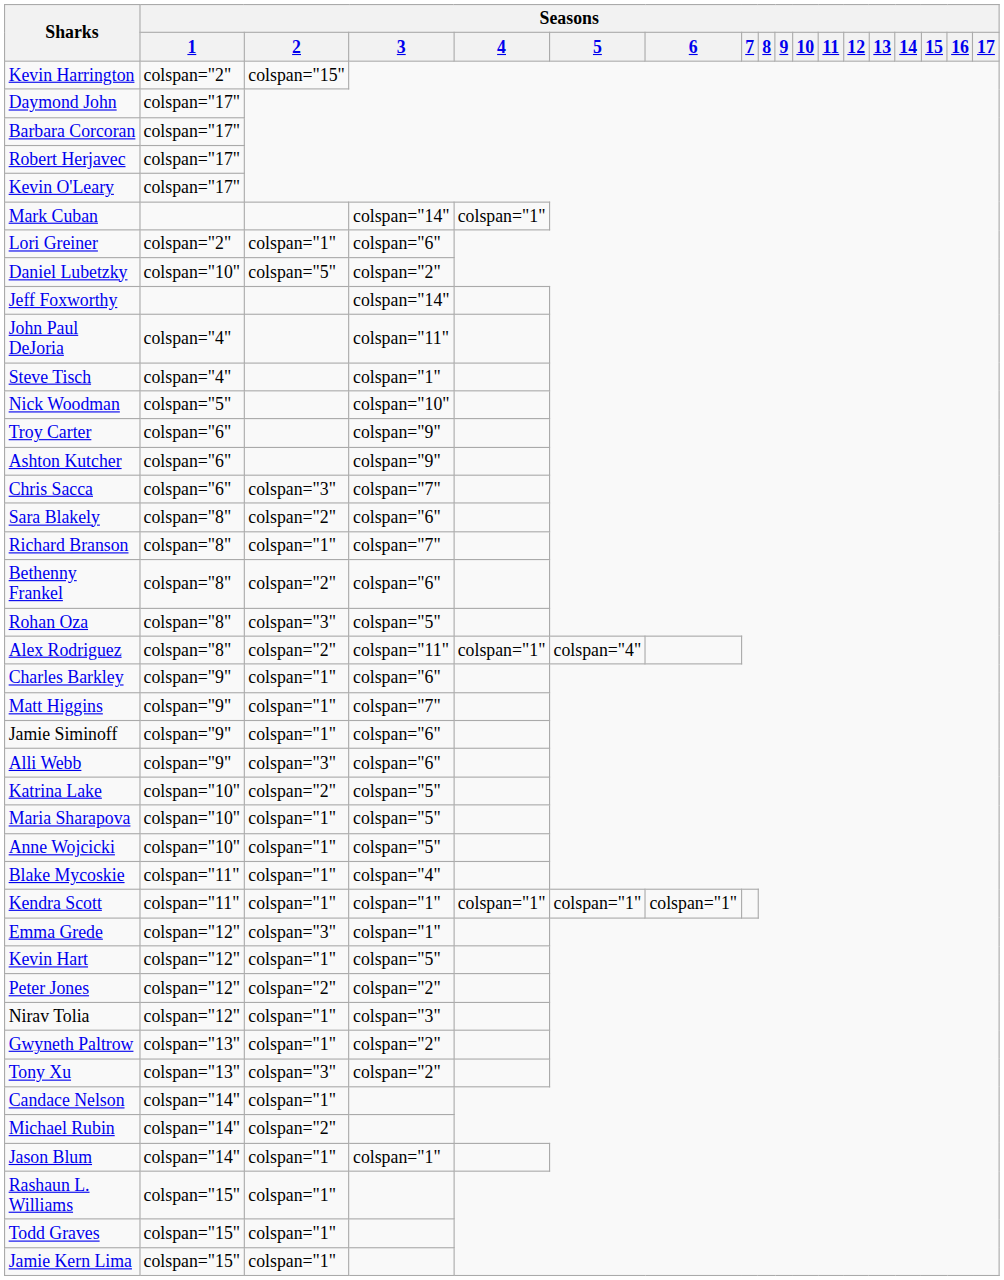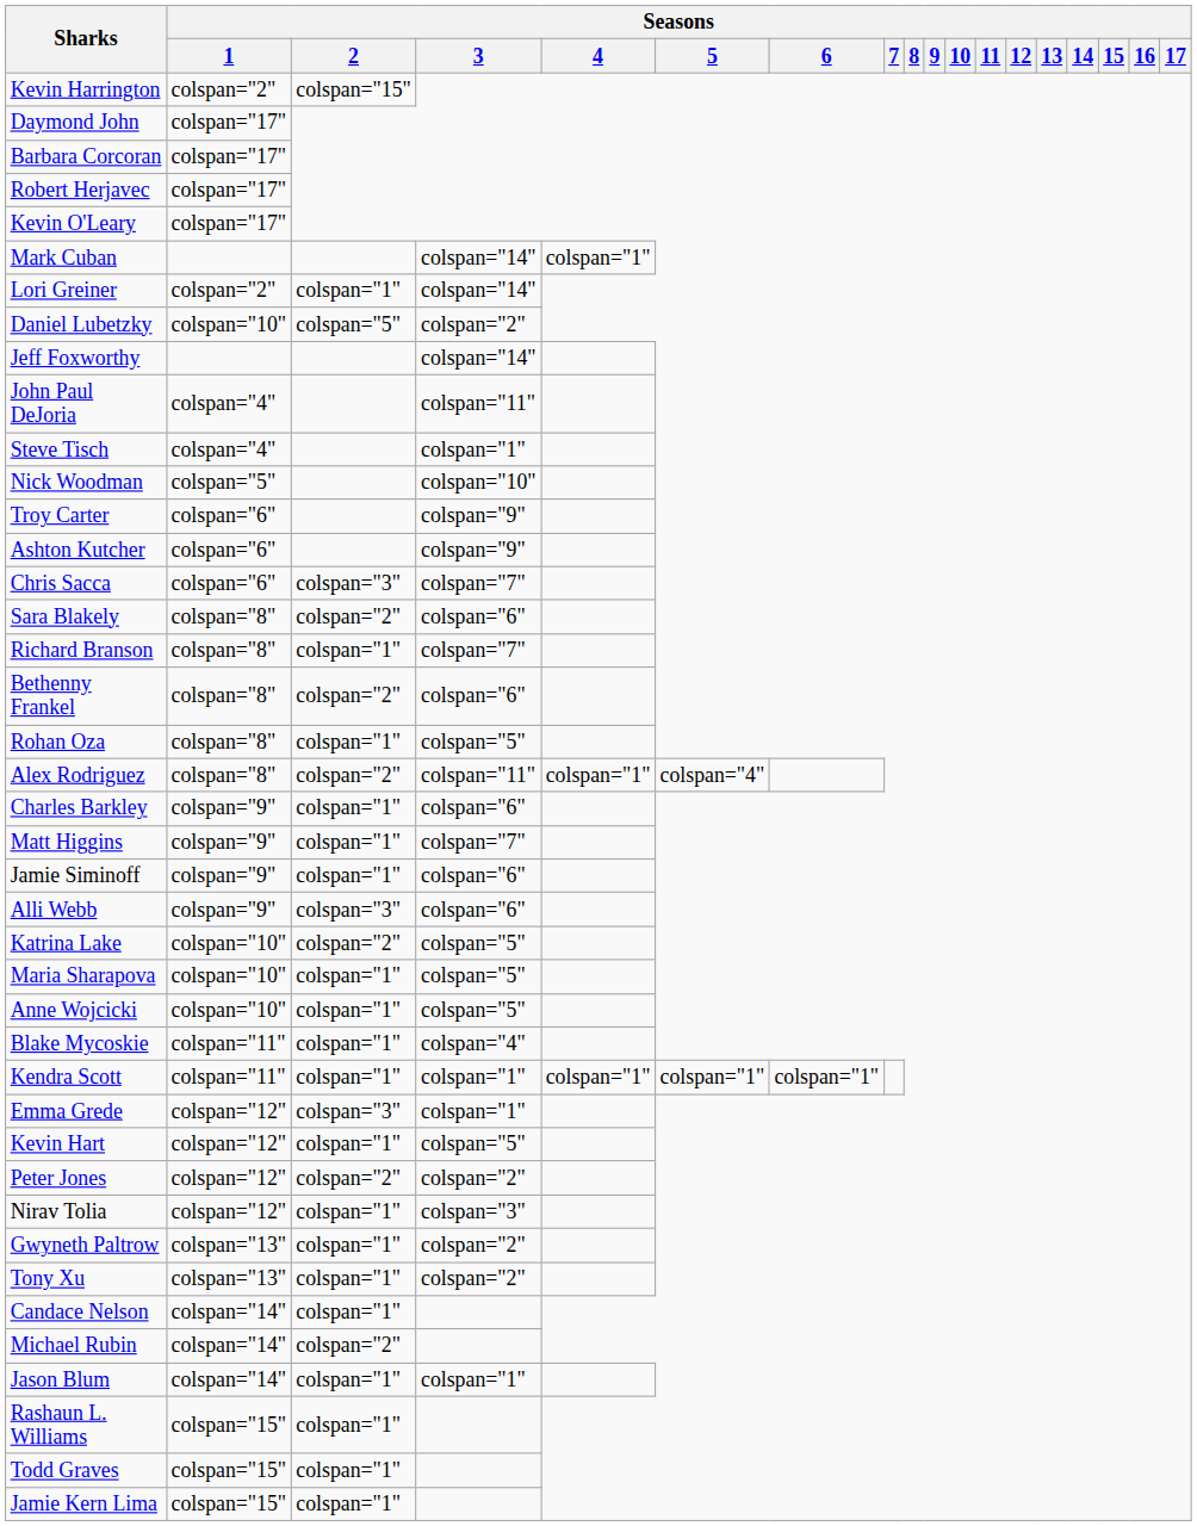 <table class="wikitable plainrowheaders" style="width:auto;">
 <tr>
 <th rowspan="2" scope="col" style="width:17%;">Sharks</th>
 <th colspan="17" scope="col">Seasons</th>
 </tr>
 <tr>
 <th scope="col" style="width:6%;"><a href='#'>1</a></th>
 <th scope="col" style="width:6%;"><a href='#'>2</a></th>
 <th scope="col" style="width:6%;"><a href='#'>3</a></th>
 <th scope="col" style="width:6%;"><a href='#'>4</a></th>
 <th scope="col" style="width:6%;"><a href='#'>5</a></th>
 <th scope="col" style="width:6%;"><a href='#'>6</a></th>
 <th scope="col" style="width:6%;"><a href='#'>7</a></th>
 <th scope="col" style="width:6%;"><a href='#'>8</a></th>
 <th scope="col" style="width:6%;"><a href='#'>9</a></th>
 <th scope="col" style="width:6%;"><a href='#'>10</a></th>
 <th scope="col" style="width:6%;"><a href='#'>11</a></th>
 <th scope="col" style="width:6%;"><a href='#'>12</a></th>
 <th scope="col" style="width:6%;"><a href='#'>13</a></th>
 <th scope="col" style="width:6%;"><a href='#'>14</a></th>
 <th scope="col" style="width:6%;"><a href='#'>15</a></th>
 <th scope="col" style="width:6%;"><a href='#'>16</a></th>
 <th scope="col" style="width:6%;"><a href='#'>17</a></th>
 </tr>
 <tr>
 <td Nowrap><a href='#'>Kevin Harrington</a></td>
 <td>colspan="2" </td>
 <td>colspan="15" </td>
 </tr>
 <tr>
 <td scope="row"><a href='#'>Daymond John</a></td>
 <td>colspan="17" </td>
 </tr>
 <tr>
 <td Nowrap><a href='#'>Barbara Corcoran</a></td>
 <td>colspan="17" </td>
 </tr>
 <tr>
 <td scope="row"><a href='#'>Robert Herjavec</a></td>
 <td>colspan="17" </td>
 </tr>
 <tr>
 <td scope="row"><a href='#'>Kevin O'Leary</a></td>
 <td>colspan="17" </td>
 </tr>
 <tr>
 <td scope="row"><a href='#'>Mark Cuban</a></td>
 <td></td>
 <td></td>
 <td>colspan="14" </td>
 <td>colspan="1" </td>
 </tr>
 <tr>
 <td scope="row"><a href='#'>Lori Greiner</a></td>
 <td>colspan="2"  </td>
 <td>colspan="1" </td>
-<td>colspan="6" </td>
+<td>colspan="14" </td>
 </tr>
 <tr>
 <td scope="row"><a href='#'>Daniel Lubetzky</a></td>
 <td>colspan="10" </td>
 <td>colspan="5" </td>
 <td>colspan="2" </td>
 </tr>
 <tr>
 <td scope="row"><a href='#'>Jeff Foxworthy</a></td>
 <td></td>
 <td></td>
 <td>colspan="14" </td>
 <td></td>
 </tr>
 <tr>
 <td scope="row"><a href='#'>John Paul DeJoria</a></td>
 <td>colspan="4" </td>
 <td></td>
 <td>colspan="11" </td>
 <td></td>
 </tr>
 <tr>
 <td scope="row"><a href='#'>Steve Tisch</a></td>
 <td>colspan="4" </td>
 <td></td>
 <td>colspan="1" </td>
 <td></td>
 </tr>
 <tr>
 <td scope="row"><a href='#'>Nick Woodman</a></td>
 <td>colspan="5" </td>
 <td></td>
 <td>colspan="10" </td>
 <td></td>
 </tr>
 <tr>
 <td scope="row"><a href='#'>Troy Carter</a></td>
 <td>colspan="6" </td>
 <td></td>
 <td>colspan="9" </td>
 <td></td>
 </tr>
 <tr>
 <td scope="row"><a href='#'>Ashton Kutcher</a></td>
 <td>colspan="6" </td>
 <td></td>
 <td>colspan="9" </td>
 <td></td>
 </tr>
 <tr>
 <td scope="row"><a href='#'>Chris Sacca</a></td>
 <td>colspan="6" </td>
 <td>colspan="3" </td>
 <td>colspan="7" </td>
 <td></td>
 </tr>
 <tr>
 <td scope="row"><a href='#'>Sara Blakely</a></td>
 <td>colspan="8" </td>
 <td>colspan="2" </td>
 <td>colspan="6" </td>
 <td></td>
 </tr>
 <tr>
 <td scope="row"><a href='#'>Richard Branson</a></td>
 <td>colspan="8" </td>
 <td>colspan="1" </td>
 <td>colspan="7" </td>
 <td></td>
 </tr>
 <tr>
 <td scope="row"><a href='#'>Bethenny Frankel</a></td>
 <td>colspan="8" </td>
 <td>colspan="2" </td>
 <td>colspan="6" </td>
 <td></td>
 </tr>
 <tr>
 <td scope="row"><a href='#'>Rohan Oza</a></td>
 <td>colspan="8" </td>
-<td>colspan="3" </td>
+<td>colspan="1" </td>
 <td>colspan="5" </td>
 <td></td>
 </tr>
 <tr>
 <td scope="row"><a href='#'>Alex Rodriguez</a></td>
 <td>colspan="8" </td>
 <td>colspan="2" </td>
 <td>colspan="11" </td>
 <td>colspan="1" </td>
 <td>colspan="4" </td>
 <td></td>
 </tr>
 <tr>
 <td scope="row"><a href='#'>Charles Barkley</a></td>
 <td>colspan="9" </td>
 <td>colspan="1" </td>
 <td>colspan="6" </td>
 <td></td>
 </tr>
 <tr>
 <td scope="row"><a href='#'>Matt Higgins</a></td>
 <td>colspan="9" </td>
 <td>colspan="1" </td>
 <td>colspan="7" </td>
 <td></td>
 </tr>
 <tr>
 <td scope="row">Jamie Siminoff</td>
 <td>colspan="9" </td>
 <td>colspan="1" </td>
 <td>colspan="6" </td>
 <td></td>
 </tr>
 <tr>
 <td scope="row"><a href='#'>Alli Webb</a></td>
 <td>colspan="9" </td>
 <td>colspan="3" </td>
 <td>colspan="6" </td>
 <td></td>
 </tr>
 <tr>
 <td scope="row"><a href='#'>Katrina Lake</a></td>
 <td>colspan="10" </td>
 <td>colspan="2" </td>
 <td>colspan="5" </td>
 <td></td>
 </tr>
 <tr>
 <td scope="row"><a href='#'>Maria Sharapova</a></td>
 <td>colspan="10" </td>
 <td>colspan="1" </td>
 <td>colspan="5" </td>
 <td></td>
 </tr>
 <tr>
 <td scope="row"><a href='#'>Anne Wojcicki</a></td>
 <td>colspan="10" </td>
 <td>colspan="1" </td>
 <td>colspan="5" </td>
 <td></td>
 </tr>
 <tr>
 <td scope="row"><a href='#'>Blake Mycoskie</a></td>
 <td>colspan="11" </td>
 <td>colspan="1" </td>
 <td>colspan="4" </td>
 <td></td>
 </tr>
 <tr>
 <td scope="row"><a href='#'>Kendra Scott</a></td>
 <td>colspan="11" </td>
 <td>colspan="1" </td>
 <td>colspan="1" </td>
 <td>colspan="1" </td>
 <td>colspan="1" </td>
 <td>colspan="1" </td>
 <td></td>
 </tr>
 <tr>
 <td scope="row"><a href='#'>Emma Grede</a></td>
 <td>colspan="12" </td>
 <td>colspan="3" </td>
 <td>colspan="1" </td>
 <td></td>
 </tr>
 <tr>
 <td scope="row"><a href='#'>Kevin Hart</a></td>
 <td>colspan="12" </td>
 <td>colspan="1" </td>
 <td>colspan="5" </td>
 <td></td>
 </tr>
 <tr>
 <td scope="row"><a href='#'>Peter Jones</a></td>
 <td>colspan="12" </td>
 <td>colspan="2" </td>
 <td>colspan="2" </td>
 <td></td>
 </tr>
 <tr>
 <td scope="row">Nirav Tolia</td>
 <td>colspan="12" </td>
 <td>colspan="1" </td>
 <td>colspan="3" </td>
 <td></td>
 </tr>
 <tr>
 <td scope="row"><a href='#'>Gwyneth Paltrow</a></td>
 <td>colspan="13" </td>
 <td>colspan="1" </td>
 <td>colspan="2" </td>
 <td></td>
 </tr>
 <tr>
 <td scope="row"><a href='#'>Tony Xu</a></td>
 <td>colspan="13" </td>
-<td>colspan="3" </td>
+<td>colspan="1" </td>
 <td>colspan="2" </td>
 <td></td>
 </tr>
 <tr>
 <td scope="row"><a href='#'>Candace Nelson</a></td>
 <td>colspan="14" </td>
 <td>colspan="1" </td>
 <td></td>
 </tr>
 <tr>
 <td scope="row"><a href='#'>Michael Rubin</a></td>
 <td>colspan="14" </td>
 <td>colspan="2" </td>
 <td></td>
 </tr>
 <tr>
 <td scope="row"><a href='#'>Jason Blum</a></td>
 <td>colspan="14" </td>
 <td>colspan="1" </td>
 <td>colspan="1" </td>
 <td></td>
 </tr>
 <tr>
 <td><a href='#'>Rashaun L. Williams</a></td>
 <td>colspan="15" </td>
 <td>colspan="1" </td>
 <td></td>
 </tr>
 <tr>
 <td><a href='#'>Todd Graves</a></td>
 <td>colspan="15" </td>
 <td>colspan="1" </td>
 <td></td>
 </tr>
 <tr>
 <td><a href='#'>Jamie Kern Lima</a></td>
 <td>colspan="15" </td>
 <td>colspan="1" </td>
 <td></td>
 </tr>
 </table>
